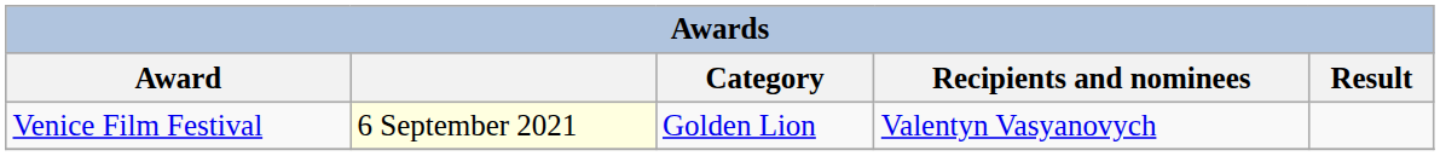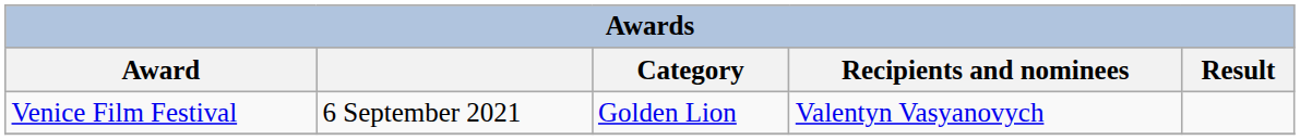 <table class="wikitable sortable" width="60%">
 <tr style="background:#ccc; text-align:center;">
 <th colspan="5" style="background: LightSteelBlue;">Awards</th>
 </tr>
 <tr style="background:#ccc; text-align:center;">
 <th>Award</th>
 <th></th>
 <th>Category</th>
 <th>Recipients and nominees</th>
 <th>Result</th>
 </tr>
 <tr>
 <td rowspan="1"><a href='#'>Venice Film Festival</a></td>
-<td rowspan="1" style="background: lightyellow;">6 September 2021</td>
+<td rowspan="1">6 September 2021</td>
 <td><a href='#'>Golden Lion</a></td>
 <td><a href='#'>Valentyn Vasyanovych</a></td>
 <td></td>
 </tr>
 <tr>
 </tr>
 </table>
